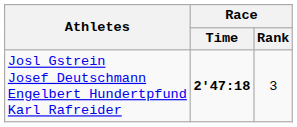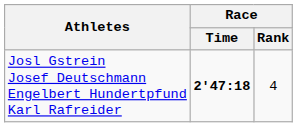 <table class="wikitable" border="1" style="font-size:90%">
 <tr>
 <th rowspan=2>Athletes</th>
 <th colspan=2>Race</th>
 </tr>
 <tr>
 <th>Time</th>
 <th>Rank</th>
 </tr>
 <tr>
 <td><a href='#'>Josl Gstrein</a><br><a href='#'>Josef Deutschmann</a><br><a href='#'>Engelbert Hundertpfund</a><br><a href='#'>Karl Rafreider</a></td>
 <td align=center><strong>2'47:18</strong></td>
-<td align=center>3</td>
+<td align=center>4</td>
 </tr>
 </table>
